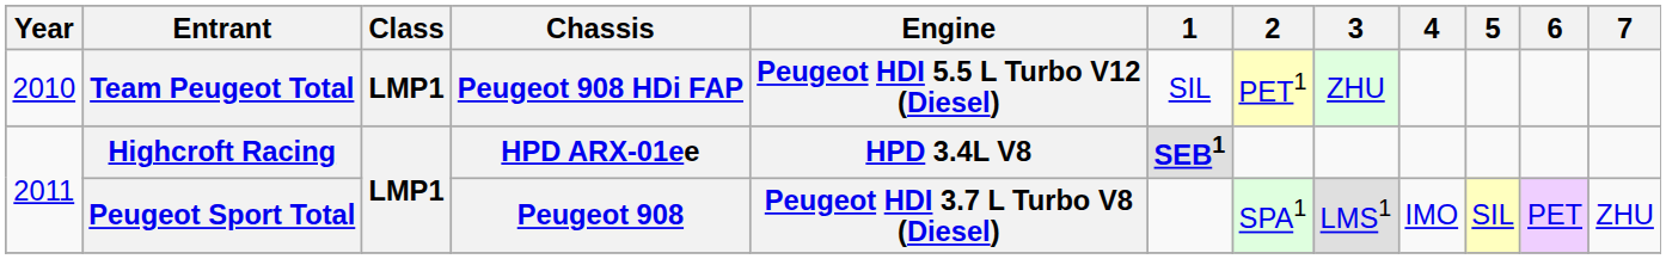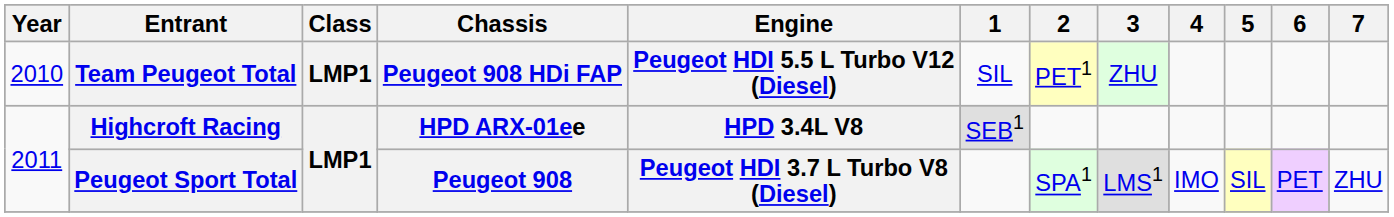 <table class="wikitable" style="text-align:center; font-size:85%;">
 <tr>
 <th>Year</th>
 <th>Entrant</th>
 <th>Class</th>
 <th>Chassis</th>
 <th>Engine</th>
 <th>1</th>
 <th>2</th>
 <th>3</th>
 <th>4</th>
 <th>5</th>
 <th>6</th>
 <th>7</th>
 </tr>
 <tr>
 <td><a href='#'>2010</a></td>
 <th nowrap><a href='#'>Team Peugeot Total</a></th>
 <th>LMP1</th>
 <th nowrap><a href='#'>Peugeot 908 HDi FAP</a></th>
 <th nowrap><a href='#'>Peugeot</a> <a href='#'>HDI</a> 5.5 L Turbo V12<br>(<a href='#'>Diesel</a>)</th>
 <td><a href='#'>SIL</a></td>
 <td style="background:#FFFFBF;"><a href='#'>PET</a><sup>1</sup><br></td>
 <td style="background:#DFFFDF;"><a href='#'>ZHU</a><br></td>
 <td></td>
 <td></td>
 <td></td>
 <td></td>
 </tr>
 <tr>
 <td rowspan=2><a href='#'>2011</a></td>
 <th nowrap><a href='#'>Highcroft Racing</a></th>
 <th rowspan=2>LMP1</th>
 <th nowrap><a href='#'>HPD ARX-01e</a>e</th>
 <th nowrap><a href='#'>HPD</a> 3.4L V8</th>
-<td style="background:#DFDFDF;"><strong><a href='#'>SEB</a><sup>1</sup><br></strong></td>
+<td style="background:#DFDFDF;"><a href='#'>SEB</a><sup>1</sup><br></td>
 <td></td>
 <td></td>
 <td></td>
 <td></td>
 <td></td>
 <td></td>
 </tr>
 <tr>
 <th nowrap><a href='#'>Peugeot Sport Total</a></th>
 <th nowrap><a href='#'>Peugeot 908</a></th>
 <th nowrap><a href='#'>Peugeot</a> <a href='#'>HDI</a> 3.7 L Turbo V8<br>(<a href='#'>Diesel</a>)</th>
 <td></td>
 <td style="background:#DFFFDF;"><a href='#'>SPA</a><sup>1</sup><br></td>
 <td style="background:#DFDFDF;"><a href='#'>LMS</a><sup>1</sup><br></td>
 <td><a href='#'>IMO</a></td>
 <td style="background:#FFFFBF;"><a href='#'>SIL</a><br></td>
 <td style="background:#EFCFFF;"><a href='#'>PET</a><br></td>
 <td><a href='#'>ZHU</a></td>
 </tr>
 </table>
